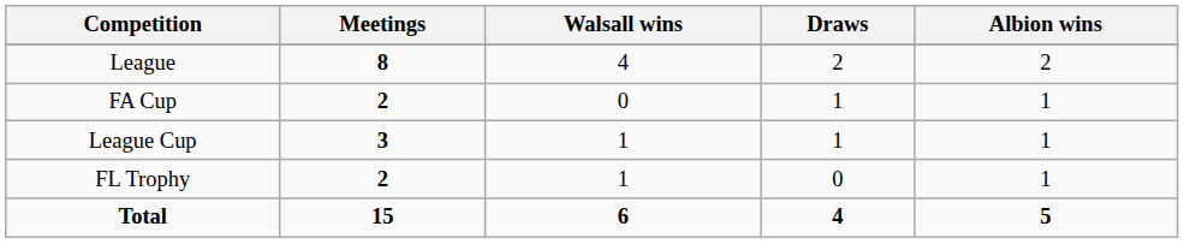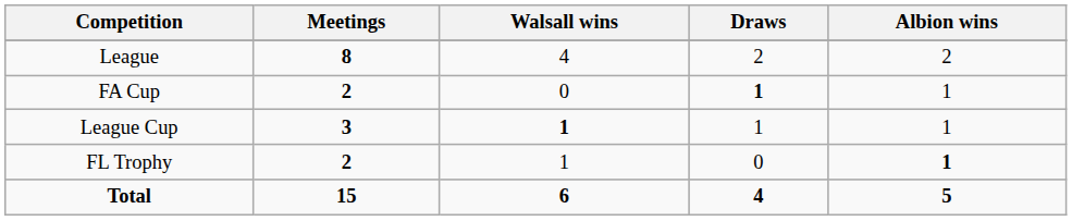 <table class="wikitable" style="text-align: center; width: 40%; font-size: 12px">
 <tr>
 <th><strong>Competition</strong></th>
 <th><strong>Meetings</strong></th>
 <th><strong>Walsall wins</strong></th>
 <th><strong>Draws</strong></th>
 <th><strong>Albion wins</strong></th>
 </tr>
 <tr>
 </tr>
 <tr>
 <td>League</td>
 <td><strong>8</strong></td>
 <td>4</td>
 <td>2</td>
 <td>2</td>
 </tr>
 <tr>
 <td>FA Cup</td>
 <td><strong>2</strong></td>
 <td>0</td>
-<td>1</td>
+<td><strong>1</strong></td>
 <td>1</td>
 </tr>
 <tr>
 <td>League Cup</td>
 <td><strong>3</strong></td>
-<td>1</td>
+<td><strong>1</strong></td>
 <td>1</td>
 <td>1</td>
 </tr>
 <tr>
 <td>FL Trophy</td>
 <td><strong>2</strong></td>
 <td>1</td>
 <td>0</td>
-<td>1</td>
+<td><strong>1</strong></td>
 </tr>
 <tr>
 <td><strong>Total</strong></td>
 <td><strong>15</strong></td>
 <td><strong>6</strong></td>
 <td><strong>4</strong></td>
 <td><strong>5</strong></td>
 </tr>
 </table>
